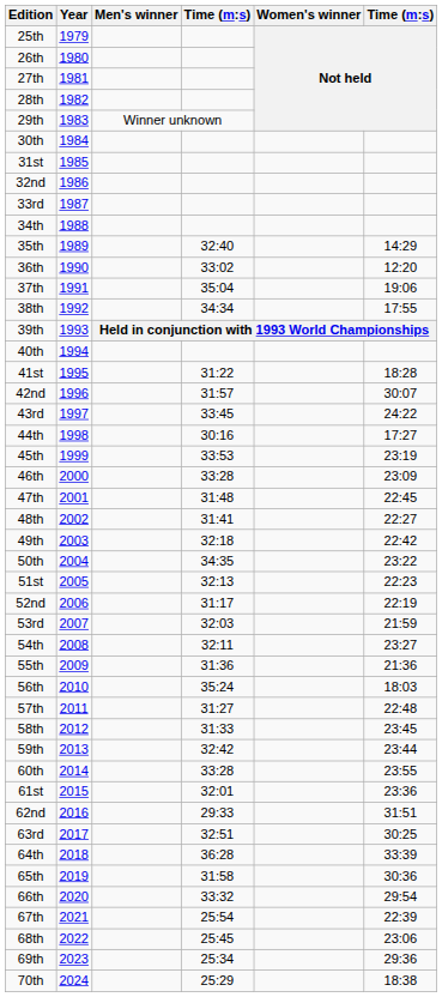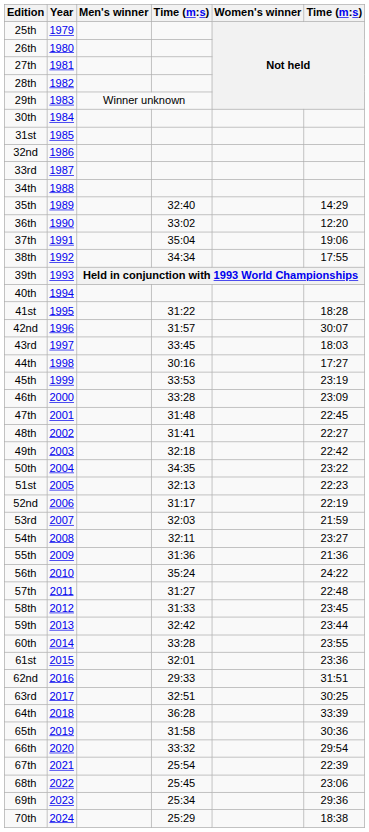 <table class="wikitable" style="text-align:center">
 <tr>
 <th>Edition</th>
 <th>Year</th>
 <th>Men's winner</th>
 <th>Time (<a href='#'>m</a>:<a href='#'>s</a>)</th>
 <th>Women's winner</th>
 <th>Time (<a href='#'>m</a>:<a href='#'>s</a>)</th>
 </tr>
 <tr>
 <td>25th</td>
 <td><a href='#'>1979</a></td>
 <td align=left></td>
 <td></td>
 <th colspan=2 rowspan=5>Not held</th>
 </tr>
 <tr>
 <td>26th</td>
 <td><a href='#'>1980</a></td>
 <td align=left></td>
 <td></td>
 </tr>
 <tr>
 <td>27th</td>
 <td><a href='#'>1981</a></td>
 <td align=left></td>
 <td></td>
 </tr>
 <tr>
 <td>28th</td>
 <td><a href='#'>1982</a></td>
 <td align=left></td>
 <td></td>
 </tr>
 <tr>
 <td>29th</td>
 <td><a href='#'>1983</a></td>
 <td colspan=2>Winner unknown</td>
 </tr>
 <tr>
 <td>30th</td>
 <td><a href='#'>1984</a></td>
 <td align=left></td>
 <td></td>
 <td align=left></td>
 <td></td>
 </tr>
 <tr>
 <td>31st</td>
 <td><a href='#'>1985</a></td>
 <td align=left></td>
 <td></td>
 <td align=left></td>
 <td></td>
 </tr>
 <tr>
 <td>32nd</td>
 <td><a href='#'>1986</a></td>
 <td align=left></td>
 <td></td>
 <td align=left></td>
 <td></td>
 </tr>
 <tr>
 <td>33rd</td>
 <td><a href='#'>1987</a></td>
 <td align=left></td>
 <td></td>
 <td align=left></td>
 <td></td>
 </tr>
 <tr>
 <td>34th</td>
 <td><a href='#'>1988</a></td>
 <td align=left></td>
 <td></td>
 <td align=left></td>
 <td></td>
 </tr>
 <tr>
 <td>35th</td>
 <td><a href='#'>1989</a></td>
 <td align=left></td>
 <td>32:40</td>
 <td align=left></td>
 <td>14:29</td>
 </tr>
 <tr>
 <td>36th</td>
 <td><a href='#'>1990</a></td>
 <td align=left></td>
 <td>33:02</td>
 <td align=left></td>
 <td>12:20</td>
 </tr>
 <tr>
 <td>37th</td>
 <td><a href='#'>1991</a></td>
 <td align=left></td>
 <td>35:04</td>
 <td align=left></td>
 <td>19:06</td>
 </tr>
 <tr>
 <td>38th</td>
 <td><a href='#'>1992</a></td>
 <td align=left></td>
 <td>34:34</td>
 <td align=left></td>
 <td>17:55</td>
 </tr>
 <tr>
 <td>39th</td>
 <td><a href='#'>1993</a></td>
 <th colspan=4>Held in conjunction with <a href='#'>1993 World Championships</a></th>
 </tr>
 <tr>
 <td>40th</td>
 <td><a href='#'>1994</a></td>
 <td align=left></td>
 <td></td>
 <td align=left></td>
 <td></td>
 </tr>
 <tr>
 <td>41st</td>
 <td><a href='#'>1995</a></td>
 <td align=left></td>
 <td>31:22</td>
 <td align=left></td>
 <td>18:28</td>
 </tr>
 <tr>
 <td>42nd</td>
 <td><a href='#'>1996</a></td>
 <td align=left></td>
 <td>31:57</td>
 <td align=left></td>
 <td>30:07</td>
 </tr>
 <tr>
 <td>43rd</td>
 <td><a href='#'>1997</a></td>
 <td align=left></td>
 <td>33:45</td>
 <td align=left></td>
-<td>24:22</td>
+<td>18:03</td>
 </tr>
 <tr>
 <td>44th</td>
 <td><a href='#'>1998</a></td>
 <td align=left></td>
 <td>30:16</td>
 <td align=left></td>
 <td>17:27</td>
 </tr>
 <tr>
 <td>45th</td>
 <td><a href='#'>1999</a></td>
 <td align=left></td>
 <td>33:53</td>
 <td align=left></td>
 <td>23:19</td>
 </tr>
 <tr>
 <td>46th</td>
 <td><a href='#'>2000</a></td>
 <td align=left></td>
 <td>33:28</td>
 <td align=left></td>
 <td>23:09</td>
 </tr>
 <tr>
 <td>47th</td>
 <td><a href='#'>2001</a></td>
 <td align=left></td>
 <td>31:48</td>
 <td align=left></td>
 <td>22:45</td>
 </tr>
 <tr>
 <td>48th</td>
 <td><a href='#'>2002</a></td>
 <td align=left></td>
 <td>31:41</td>
 <td align=left></td>
 <td>22:27</td>
 </tr>
 <tr>
 <td>49th</td>
 <td><a href='#'>2003</a></td>
 <td align=left></td>
 <td>32:18</td>
 <td align=left></td>
 <td>22:42</td>
 </tr>
 <tr>
 <td>50th</td>
 <td><a href='#'>2004</a></td>
 <td align=left></td>
 <td>34:35</td>
 <td align=left></td>
 <td>23:22</td>
 </tr>
 <tr>
 <td>51st</td>
 <td><a href='#'>2005</a></td>
 <td align=left></td>
 <td>32:13</td>
 <td align=left></td>
 <td>22:23</td>
 </tr>
 <tr>
 <td>52nd</td>
 <td><a href='#'>2006</a></td>
 <td align=left></td>
 <td>31:17</td>
 <td align=left></td>
 <td>22:19</td>
 </tr>
 <tr>
 <td>53rd</td>
 <td><a href='#'>2007</a></td>
 <td align=left></td>
 <td>32:03</td>
 <td align=left></td>
 <td>21:59</td>
 </tr>
 <tr>
 <td>54th</td>
 <td><a href='#'>2008</a></td>
 <td align=left></td>
 <td>32:11</td>
 <td align=left></td>
 <td>23:27</td>
 </tr>
 <tr>
 <td>55th</td>
 <td><a href='#'>2009</a></td>
 <td align=left></td>
 <td>31:36</td>
 <td align=left></td>
 <td>21:36</td>
 </tr>
 <tr>
 <td>56th</td>
 <td><a href='#'>2010</a></td>
 <td align=left></td>
 <td>35:24</td>
 <td align=left></td>
-<td>18:03</td>
+<td>24:22</td>
 </tr>
 <tr>
 <td>57th</td>
 <td><a href='#'>2011</a></td>
 <td align=left></td>
 <td>31:27</td>
 <td align=left></td>
 <td>22:48</td>
 </tr>
 <tr>
 <td>58th</td>
 <td><a href='#'>2012</a></td>
 <td align=left></td>
 <td>31:33</td>
 <td align=left></td>
 <td>23:45</td>
 </tr>
 <tr>
 <td>59th</td>
 <td><a href='#'>2013</a></td>
 <td align=left></td>
 <td>32:42</td>
 <td align=left></td>
 <td>23:44</td>
 </tr>
 <tr>
 <td>60th</td>
 <td><a href='#'>2014</a></td>
 <td align=left></td>
 <td>33:28</td>
 <td align=left></td>
 <td>23:55</td>
 </tr>
 <tr>
 <td>61st</td>
 <td><a href='#'>2015</a></td>
 <td align=left></td>
 <td>32:01</td>
 <td align=left></td>
 <td>23:36</td>
 </tr>
 <tr>
 <td>62nd</td>
 <td><a href='#'>2016</a></td>
 <td align=left></td>
 <td>29:33</td>
 <td align=left></td>
 <td>31:51</td>
 </tr>
 <tr>
 <td>63rd</td>
 <td><a href='#'>2017</a></td>
 <td align=left></td>
 <td>32:51</td>
 <td align=left></td>
 <td>30:25</td>
 </tr>
 <tr>
 <td>64th</td>
 <td><a href='#'>2018</a></td>
 <td align=left></td>
 <td>36:28</td>
 <td align=left></td>
 <td>33:39</td>
 </tr>
 <tr>
 <td>65th</td>
 <td><a href='#'>2019</a></td>
 <td align=left></td>
 <td>31:58</td>
 <td align=left></td>
 <td>30:36</td>
 </tr>
 <tr>
 <td>66th</td>
 <td><a href='#'>2020</a></td>
 <td align=left></td>
 <td>33:32</td>
 <td align=left></td>
 <td>29:54</td>
 </tr>
 <tr>
 <td>67th</td>
 <td><a href='#'>2021</a></td>
 <td align=left></td>
 <td>25:54</td>
 <td align=left></td>
 <td>22:39</td>
 </tr>
 <tr>
 <td>68th</td>
 <td><a href='#'>2022</a></td>
 <td align=left></td>
 <td>25:45</td>
 <td align=left></td>
 <td>23:06</td>
 </tr>
 <tr>
 <td>69th</td>
 <td><a href='#'>2023</a></td>
 <td align=left></td>
 <td>25:34</td>
 <td align=left></td>
 <td>29:36</td>
 </tr>
 <tr>
 <td>70th</td>
 <td><a href='#'>2024</a></td>
 <td align=left></td>
 <td>25:29</td>
 <td align=left></td>
 <td>18:38</td>
 </tr>
 </table>
